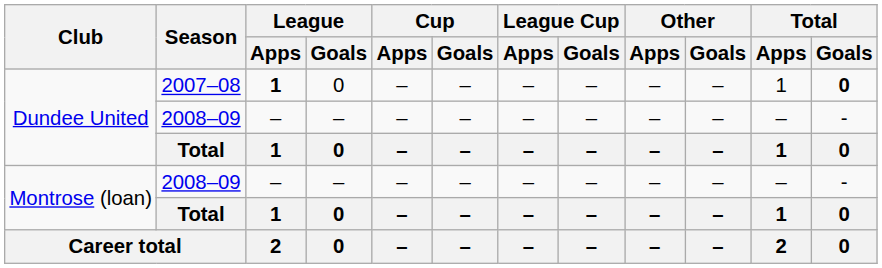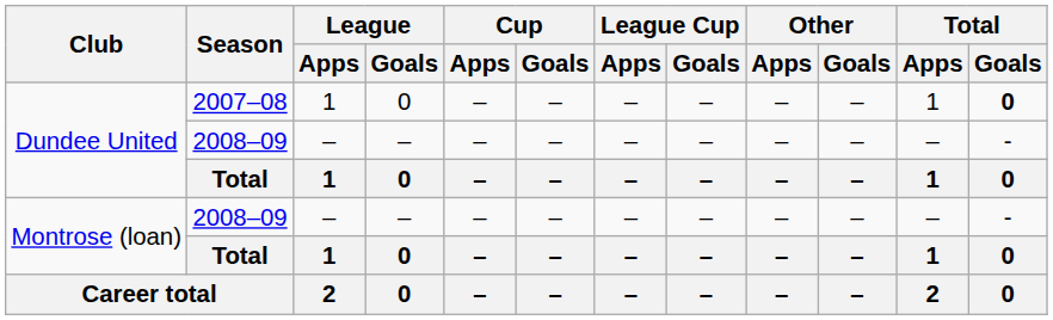 <table class="wikitable" style="font-size:95%; text-align:center">
 <tr>
 <th rowspan="2">Club</th>
 <th rowspan="2">Season</th>
 <th colspan="2">League</th>
 <th colspan="2">Cup</th>
 <th colspan="2">League Cup</th>
 <th colspan="2">Other</th>
 <th colspan="2">Total</th>
 </tr>
 <tr>
 <th>Apps</th>
 <th>Goals</th>
 <th>Apps</th>
 <th>Goals</th>
 <th>Apps</th>
 <th>Goals</th>
 <th>Apps</th>
 <th>Goals</th>
 <th>Apps</th>
 <th>Goals</th>
 </tr>
 <tr>
 <td rowspan="3"><a href='#'>Dundee United</a></td>
 <td><a href='#'>2007–08</a></td>
-<td><strong>1</strong></td>
+<td>1</td>
 <td>0</td>
 <td>–</td>
 <td>–</td>
 <td>–</td>
 <td>–</td>
 <td>–</td>
 <td>–</td>
 <td>1</td>
 <td><strong>0</strong></td>
 </tr>
 <tr>
 <td><a href='#'>2008–09</a></td>
 <td>–</td>
 <td>–</td>
 <td>–</td>
 <td>–</td>
 <td>–</td>
 <td>–</td>
 <td>–</td>
 <td>–</td>
 <td>–</td>
 <td>-</td>
 </tr>
 <tr>
 <th>Total</th>
 <th>1</th>
 <th>0</th>
 <th>–</th>
 <th>–</th>
 <th>–</th>
 <th>–</th>
 <th>–</th>
 <th>–</th>
 <th>1</th>
 <th>0</th>
 </tr>
 <tr>
 <td rowspan="2"><a href='#'>Montrose</a> (loan)</td>
 <td><a href='#'>2008–09</a></td>
 <td>–</td>
 <td>–</td>
 <td>–</td>
 <td>–</td>
 <td>–</td>
 <td>–</td>
 <td>–</td>
 <td>–</td>
 <td>–</td>
 <td>-</td>
 </tr>
 <tr>
 <th>Total</th>
 <th>1</th>
 <th>0</th>
 <th>–</th>
 <th>–</th>
 <th>–</th>
 <th>–</th>
 <th>–</th>
 <th>–</th>
 <th>1</th>
 <th>0</th>
 </tr>
 <tr>
 <th colspan="2">Career total</th>
 <th>2</th>
 <th>0</th>
 <th>–</th>
 <th>–</th>
 <th>–</th>
 <th>–</th>
 <th>–</th>
 <th>–</th>
 <th>2</th>
 <th>0</th>
 </tr>
 </table>
